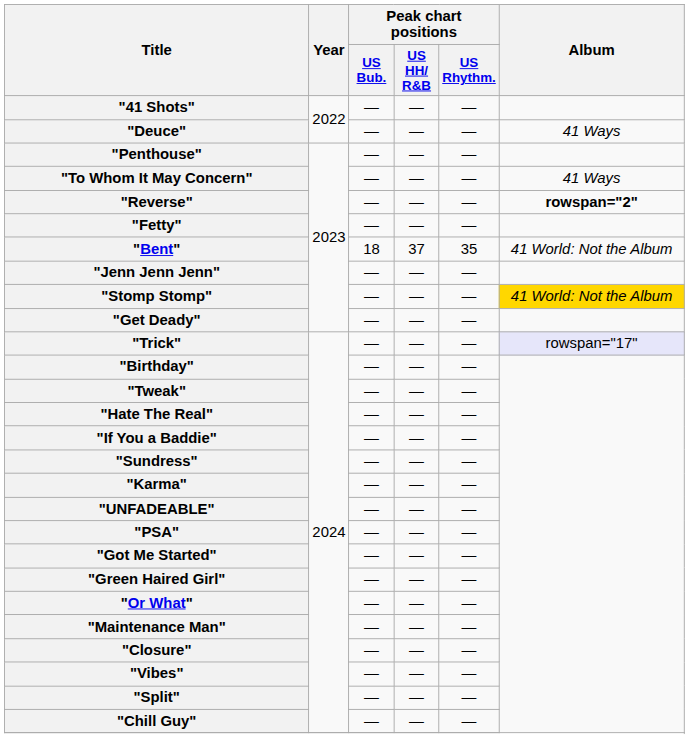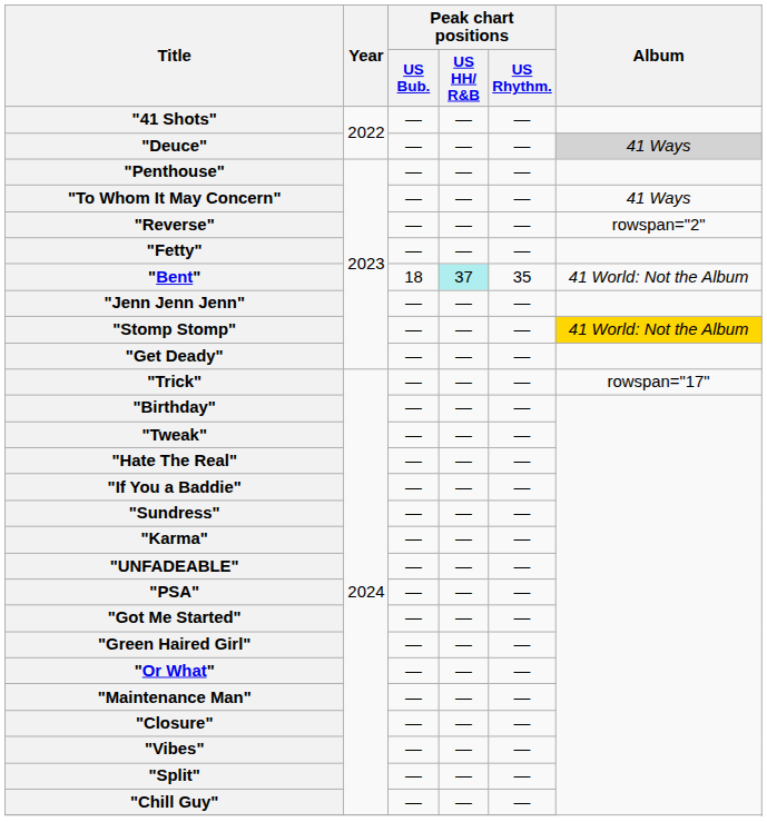 <table class="wikitable plainrowheaders" style="text-align:center;">
 <tr>
 <th scope="col" rowspan="2" style="width:20em;">Title</th>
 <th scope="col" rowspan="2">Year</th>
 <th scope="col" colspan="3">Peak chart positions</th>
 <th scope="col" rowspan="2" style="width:12em;">Album</th>
 </tr>
 <tr>
 <th scope="col" style="width:2.9em;font-size:90%;"><a href='#'>US<br>Bub.</a><br></th>
 <th scope="col" style="width:2.9em;font-size:90%;"><a href='#'>US<br>HH/<br>R&B</a><br></th>
 <th scope="col" style="width:2.9em;font-size:90%;"><a href='#'>US<br>Rhythm.</a><br></th>
 </tr>
 <tr>
 <th scope="row">"41 Shots"<br></th>
 <td rowspan="2">2022</td>
 <td>—</td>
 <td>—</td>
 <td>—</td>
 <td></td>
 </tr>
 <tr>
 <th scope="row">"Deuce"</th>
 <td>—</td>
 <td>—</td>
 <td>—</td>
-<td><em>41 Ways</em></td>
+<td style="background: lightgrey;"><em>41 Ways</em></td>
 </tr>
 <tr>
 <th scope="row">"Penthouse"</th>
 <td rowspan="8">2023</td>
 <td>—</td>
 <td>—</td>
 <td>—</td>
 <td></td>
 </tr>
 <tr>
 <th scope="row">"To Whom It May Concern"<br></th>
 <td>—</td>
 <td>—</td>
 <td>—</td>
 <td><em>41 Ways</em></td>
 </tr>
 <tr>
 <th scope="row">"Reverse"<br></th>
 <td>—</td>
 <td>—</td>
 <td>—</td>
-<td><strong>rowspan="2" </strong></td>
+<td>rowspan="2" </td>
 </tr>
 <tr>
 <th scope="row">"Fetty"</th>
 <td>—</td>
 <td>—</td>
 <td>—</td>
 </tr>
 <tr>
 <th scope="row">"<a href='#'>Bent</a>"</th>
 <td>18</td>
-<td>37</td>
+<td style="background: paleturquoise;">37</td>
 <td>35</td>
 <td><em>41 World: Not the Album</em></td>
 </tr>
 <tr>
 <th scope="row">"Jenn Jenn Jenn"</th>
 <td>—</td>
 <td>—</td>
 <td>—</td>
 <td></td>
 </tr>
 <tr>
 <th scope="row">"Stomp Stomp"<br></th>
 <td>—</td>
 <td>—</td>
 <td>—</td>
 <td style="background: gold;"><em>41 World: Not the Album</em></td>
 </tr>
 <tr>
 <th scope="row">"Get Deady"</th>
 <td>—</td>
 <td>—</td>
 <td>—</td>
 </tr>
 <tr>
 <th scope="row">"Trick"</th>
 <td rowspan="17">2024</td>
 <td>—</td>
 <td>—</td>
 <td>—</td>
-<td style="background: lavender;">rowspan="17" </td>
+<td>rowspan="17" </td>
 </tr>
 <tr>
 <th scope="row">"Birthday"<br></th>
 <td>—</td>
 <td>—</td>
 <td>—</td>
 </tr>
 <tr>
 <th scope="row">"Tweak"</th>
 <td>—</td>
 <td>—</td>
 <td>—</td>
 </tr>
 <tr>
 <th scope="row">"Hate The Real"</th>
 <td>—</td>
 <td>—</td>
 <td>—</td>
 </tr>
 <tr>
 <th scope="row">"If You a Baddie"</th>
 <td>—</td>
 <td>—</td>
 <td>—</td>
 </tr>
 <tr>
 <th scope="row">"Sundress"<br></th>
 <td>—</td>
 <td>—</td>
 <td>—</td>
 </tr>
 <tr>
 <th scope="row">"Karma"<br></th>
 <td>—</td>
 <td>—</td>
 <td>—</td>
 </tr>
 <tr>
 <th scope="row">"UNFADEABLE"</th>
 <td>—</td>
 <td>—</td>
 <td>—</td>
 </tr>
 <tr>
 <th scope="row">"PSA"</th>
 <td>—</td>
 <td>—</td>
 <td>—</td>
 </tr>
 <tr>
 <th scope="row">"Got Me Started"</th>
 <td>—</td>
 <td>—</td>
 <td>—</td>
 </tr>
 <tr>
 <th scope="row">"Green Haired Girl"<br></th>
 <td>—</td>
 <td>—</td>
 <td>—</td>
 </tr>
 <tr>
 <th scope="row">"<a href='#'>Or What</a>" <br></th>
 <td>—</td>
 <td>—</td>
 <td>—</td>
 </tr>
 <tr>
 <th scope="row">"Maintenance Man"<br></th>
 <td>—</td>
 <td>—</td>
 <td>—</td>
 </tr>
 <tr>
 <th scope="row">"Closure"</th>
 <td>—</td>
 <td>—</td>
 <td>—</td>
 </tr>
 <tr>
 <th scope="row">"Vibes"</th>
 <td>—</td>
 <td>—</td>
 <td>—</td>
 </tr>
 <tr>
 <th scope="row">"Split"<br></th>
 <td>—</td>
 <td>—</td>
 <td>—</td>
 </tr>
 <tr>
 <th scope="row">"Chill Guy"<br></th>
 <td>—</td>
 <td>—</td>
 <td>—</td>
 </tr>
 <tr>
 </tr>
 </table>
